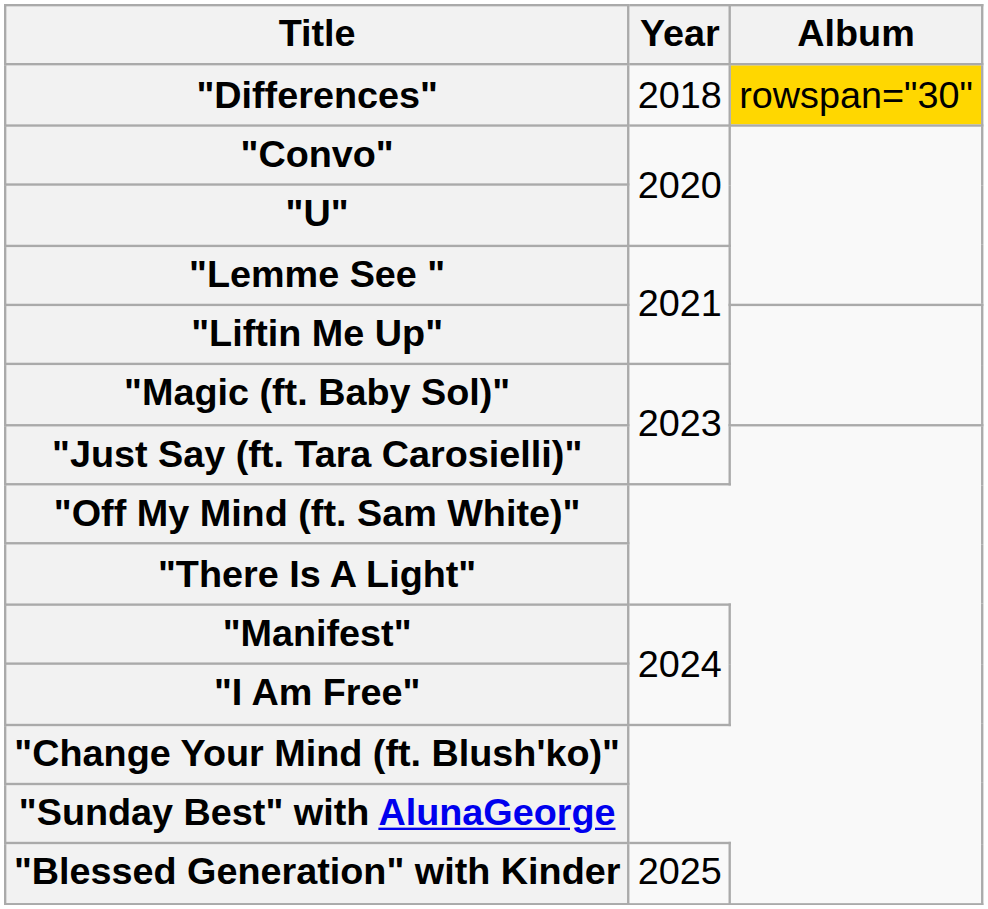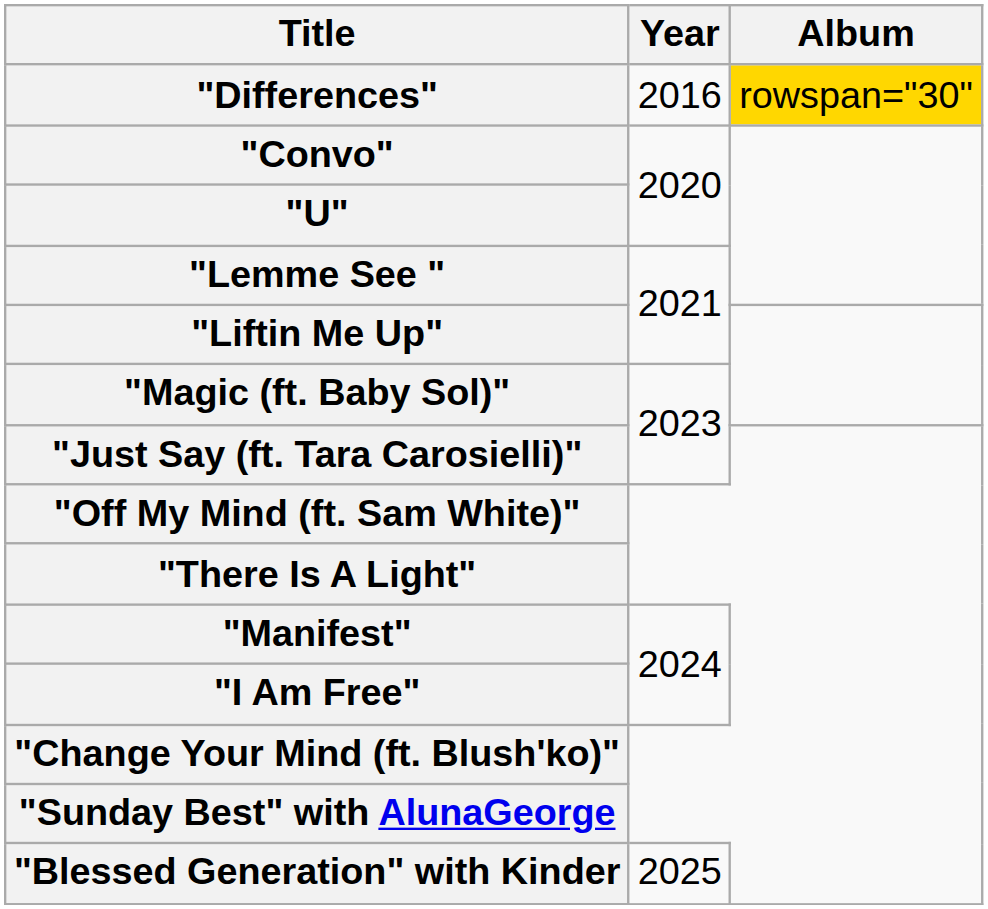 <table class="wikitable plainrowheaders" style="text-align:center;">
 <tr>
 <th>Title</th>
 <th>Year</th>
 <th>Album</th>
 </tr>
 <tr>
 <th scope="row">"Differences"</th>
-<td>2018</td>
+<td>2016</td>
 <td style="background: gold;">rowspan="30" </td>
 </tr>
 <tr>
 <th scope="row">"Convo"</th>
 <td rowspan="2">2020</td>
 </tr>
 <tr>
 <th scope="row">"U"</th>
 </tr>
 <tr>
 <th scope="row">"Lemme See "</th>
 <td rowspan="2">2021</td>
 </tr>
 <tr>
 <th scope="row">"Liftin Me Up"</th>
 <td rowspan="2"></td>
 </tr>
 <tr>
 <th scope="row">"Magic (ft. Baby Sol)"</th>
 <td rowspan="2">2023</td>
 </tr>
 <tr>
 <th scope="row">"Just Say (ft. Tara Carosielli)"</th>
 </tr>
 <tr>
 <th scope="row">"Off My Mind (ft. Sam White)"</th>
 </tr>
 <tr>
 <th scope="row">"There Is A Light"</th>
 </tr>
 <tr>
 <th scope="row">"Manifest"</th>
 <td rowspan="2">2024</td>
 </tr>
 <tr>
 <th scope="row">"I Am Free"</th>
 </tr>
 <tr>
 <th scope="row">"Change Your Mind (ft. Blush'ko)"</th>
 </tr>
 <tr>
 <th scope="row">"Sunday Best" with <a href='#'>AlunaGeorge</a></th>
 </tr>
 <tr>
 <th scope="row">"Blessed Generation" with Kinder</th>
 <td rowspan="2">2025</td>
 </tr>
 <tr>
 </tr>
 </table>
